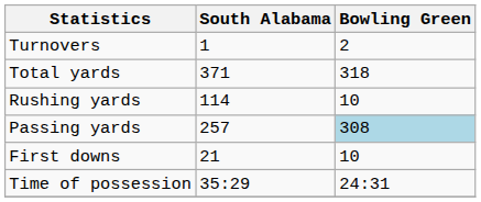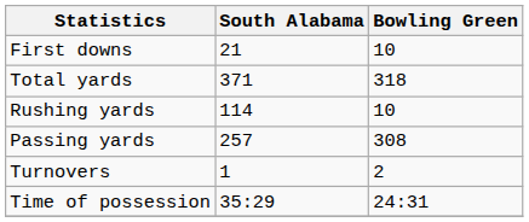 <table class="wikitable">
 <tr>
 <th>Statistics</th>
 <th>South Alabama</th>
 <th>Bowling Green</th>
 </tr>
 <tr>
-<td>Turnovers</td>
-<td>1</td>
-<td>2</td>
+<td>First downs</td>
+<td>21</td>
+<td>10</td>
 </tr>
 <tr>
 <td>Total yards</td>
 <td>371</td>
 <td>318</td>
 </tr>
 <tr>
 <td>Rushing yards</td>
 <td>114</td>
 <td>10</td>
 </tr>
 <tr>
 <td>Passing yards</td>
 <td>257</td>
-<td style="background: lightblue;">308</td>
+<td>308</td>
 </tr>
 <tr>
-<td>First downs</td>
-<td>21</td>
-<td>10</td>
+<td>Turnovers</td>
+<td>1</td>
+<td>2</td>
 </tr>
 <tr>
 <td>Time of possession</td>
 <td>35:29</td>
 <td>24:31</td>
 </tr>
 <tr>
 </tr>
 </table>
